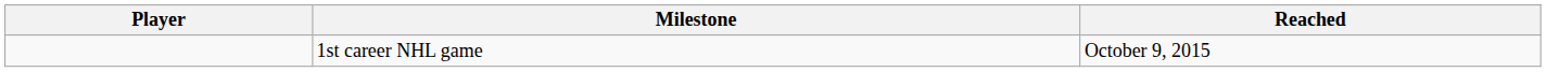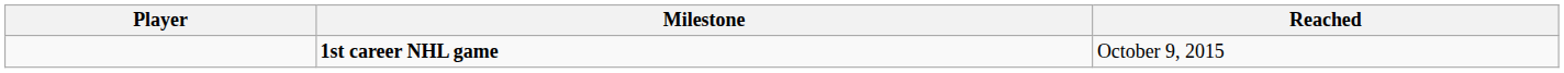 <table class="wikitable sortable" style="width:100%;">
 <tr align=center>
 <th style="width:20%;">Player</th>
 <th style="width:50%;">Milestone</th>
 <th style="width:30%;" data-sort-type="date">Reached</th>
 </tr>
 <tr>
 <td></td>
-<td>1st career NHL game</td>
+<td><strong>1st career NHL game</strong></td>
 <td>October 9, 2015</td>
 </tr>
 </table>
